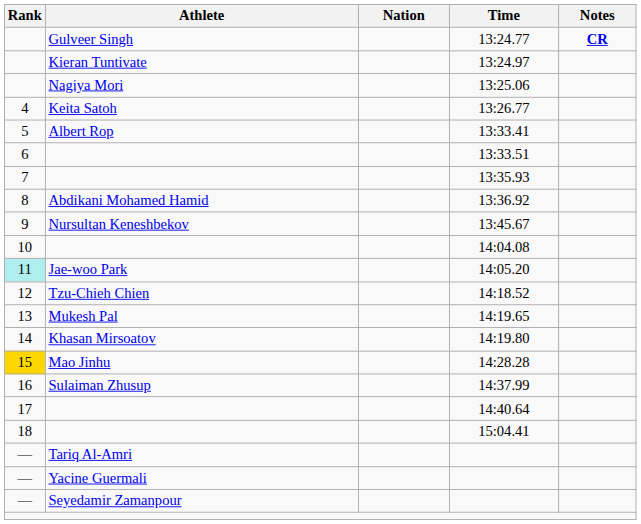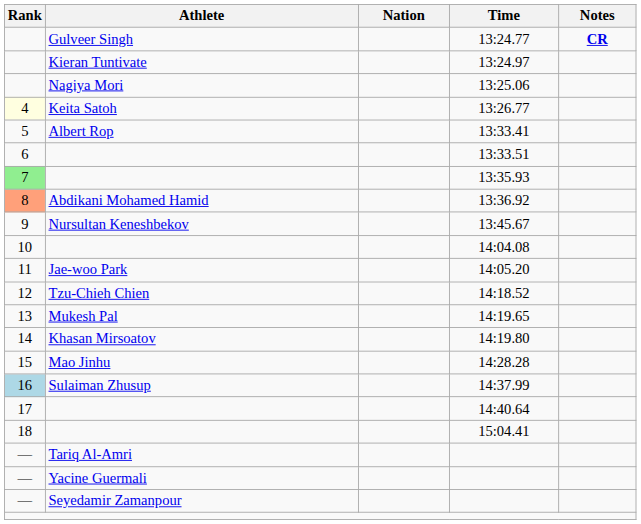 <table class="wikitable sortable" style="text-align:center;width: 55%;">
 <tr>
 <th scope="col" style="width: 10px;">Rank</th>
 <th scope="col">Athlete</th>
 <th scope="col">Nation</th>
 <th scope="col">Time</th>
 <th scope="col">Notes</th>
 </tr>
 <tr>
 <td></td>
 <td align=left><a href='#'>Gulveer Singh</a></td>
 <td align=left></td>
 <td>13:24.77</td>
 <td><strong><a href='#'>CR</a></strong></td>
 </tr>
 <tr>
 <td></td>
 <td align=left><a href='#'>Kieran Tuntivate</a></td>
 <td align=left></td>
 <td>13:24.97</td>
 <td></td>
 </tr>
 <tr>
 <td></td>
 <td align=left><a href='#'>Nagiya Mori</a></td>
 <td align=left></td>
 <td>13:25.06</td>
 <td></td>
 </tr>
 <tr>
-<td>4</td>
+<td style="background: lightyellow;">4</td>
 <td align=left><a href='#'>Keita Satoh</a></td>
 <td align=left></td>
 <td>13:26.77</td>
 <td></td>
 </tr>
 <tr>
 <td>5</td>
 <td align=left><a href='#'>Albert Rop</a></td>
 <td align=left></td>
 <td>13:33.41</td>
 <td></td>
 </tr>
 <tr>
 <td>6</td>
 <td align=left></td>
 <td align=left></td>
 <td>13:33.51</td>
 <td></td>
 </tr>
 <tr>
-<td>7</td>
+<td style="background: lightgreen;">7</td>
 <td align=left></td>
 <td align=left></td>
 <td>13:35.93</td>
 <td></td>
 </tr>
 <tr>
-<td>8</td>
+<td style="background: lightsalmon;">8</td>
 <td align=left><a href='#'>Abdikani Mohamed Hamid</a></td>
 <td align=left></td>
 <td>13:36.92</td>
 <td></td>
 </tr>
 <tr>
 <td>9</td>
 <td align=left><a href='#'>Nursultan Keneshbekov</a></td>
 <td align=left></td>
 <td>13:45.67</td>
 <td></td>
 </tr>
 <tr>
 <td>10</td>
 <td align=left></td>
 <td align=left></td>
 <td>14:04.08</td>
 <td></td>
 </tr>
 <tr>
-<td style="background: paleturquoise;">11</td>
+<td>11</td>
 <td align=left><a href='#'>Jae-woo Park</a></td>
 <td align=left></td>
 <td>14:05.20</td>
 <td></td>
 </tr>
 <tr>
 <td>12</td>
 <td align=left><a href='#'>Tzu-Chieh Chien</a></td>
 <td align=left></td>
 <td>14:18.52</td>
 <td></td>
 </tr>
 <tr>
 <td>13</td>
 <td align=left><a href='#'>Mukesh Pal</a></td>
 <td align=left></td>
 <td>14:19.65</td>
 <td></td>
 </tr>
 <tr>
 <td>14</td>
 <td align=left><a href='#'>Khasan Mirsoatov</a></td>
 <td align=left></td>
 <td>14:19.80</td>
 <td></td>
 </tr>
 <tr>
-<td style="background: gold;">15</td>
+<td>15</td>
 <td align=left><a href='#'>Mao Jinhu</a></td>
 <td align=left></td>
 <td>14:28.28</td>
 <td></td>
 </tr>
 <tr>
-<td>16</td>
+<td style="background: lightblue;">16</td>
 <td align=left><a href='#'>Sulaiman Zhusup</a></td>
 <td align=left></td>
 <td>14:37.99</td>
 <td></td>
 </tr>
 <tr>
 <td>17</td>
 <td align=left></td>
 <td align=left></td>
 <td>14:40.64</td>
 <td></td>
 </tr>
 <tr>
 <td>18</td>
 <td align=left></td>
 <td align=left></td>
 <td>15:04.41</td>
 <td></td>
 </tr>
 <tr>
 <td>—</td>
 <td align=left><a href='#'>Tariq Al-Amri</a></td>
 <td align=left></td>
 <td></td>
 <td></td>
 </tr>
 <tr>
 <td>—</td>
 <td align=left><a href='#'>Yacine Guermali</a></td>
 <td align=left></td>
 <td></td>
 <td></td>
 </tr>
 <tr>
 <td>—</td>
 <td align=left><a href='#'>Seyedamir Zamanpour</a></td>
 <td align=left></td>
 <td></td>
 <td></td>
 </tr>
 <tr class="sortbottom">
 <td colspan="5"></td>
 </tr>
 </table>
